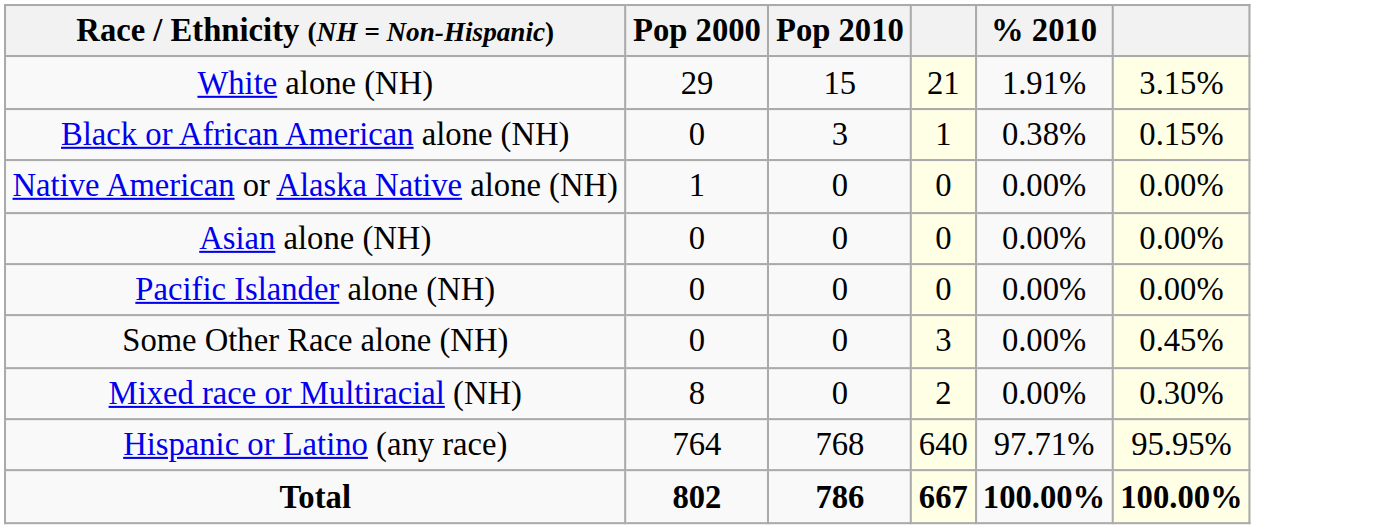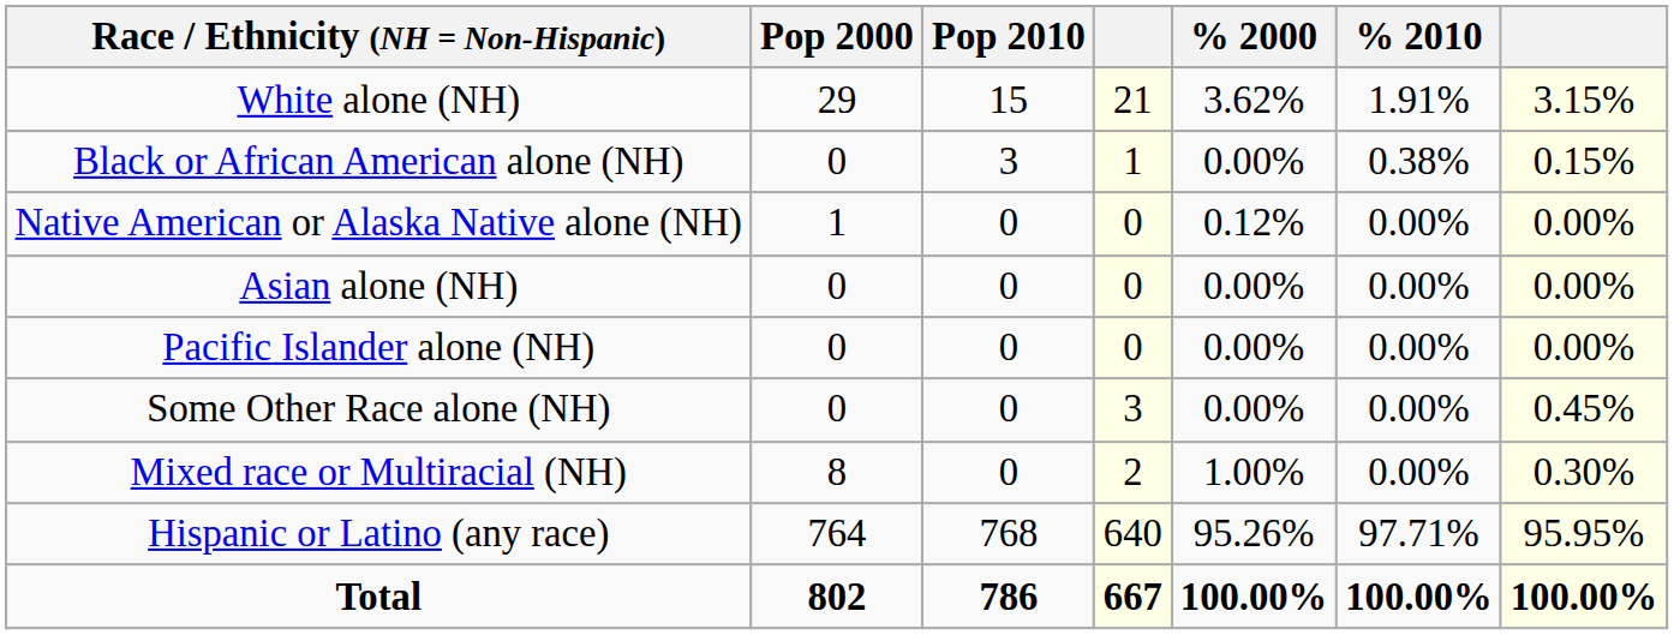 <table class="wikitable" style="text-align:center;">
 <tr>
 <th>Race / Ethnicity <small>(<em>NH = Non-Hispanic</em>)</small></th>
 <th>Pop 2000</th>
 <th>Pop 2010</th>
 <th></th>
+<th>% 2000</th>
 <th>% 2010</th>
 <th></th>
 </tr>
 <tr>
 <td><a href='#'>White</a> alone (NH)</td>
 <td>29</td>
 <td>15</td>
 <td style='background: #ffffe6;'>21</td>
+<td>3.62%</td>
 <td>1.91%</td>
 <td style='background: #ffffe6;'>3.15%</td>
 </tr>
 <tr>
 <td><a href='#'>Black or African American</a> alone (NH)</td>
 <td>0</td>
 <td>3</td>
 <td style='background: #ffffe6;'>1</td>
+<td>0.00%</td>
 <td>0.38%</td>
 <td style='background: #ffffe6;'>0.15%</td>
 </tr>
 <tr>
 <td><a href='#'>Native American</a> or <a href='#'>Alaska Native</a> alone (NH)</td>
 <td>1</td>
 <td>0</td>
 <td style='background: #ffffe6;'>0</td>
+<td>0.12%</td>
 <td>0.00%</td>
 <td style='background: #ffffe6;'>0.00%</td>
 </tr>
 <tr>
 <td><a href='#'>Asian</a> alone (NH)</td>
 <td>0</td>
 <td>0</td>
 <td style='background: #ffffe6;'>0</td>
 <td>0.00%</td>
+<td>0.00%</td>
 <td style='background: #ffffe6;'>0.00%</td>
 </tr>
 <tr>
 <td><a href='#'>Pacific Islander</a> alone (NH)</td>
 <td>0</td>
 <td>0</td>
 <td style='background: #ffffe6;'>0</td>
+<td>0.00%</td>
 <td>0.00%</td>
 <td style='background: #ffffe6;'>0.00%</td>
 </tr>
 <tr>
 <td>Some Other Race alone (NH)</td>
 <td>0</td>
 <td>0</td>
 <td style='background: #ffffe6;'>3</td>
 <td>0.00%</td>
+<td>0.00%</td>
 <td style='background: #ffffe6;'>0.45%</td>
 </tr>
 <tr>
 <td><a href='#'>Mixed race or Multiracial</a> (NH)</td>
 <td>8</td>
 <td>0</td>
 <td style='background: #ffffe6;'>2</td>
+<td>1.00%</td>
 <td>0.00%</td>
 <td style='background: #ffffe6;'>0.30%</td>
 </tr>
 <tr>
 <td><a href='#'>Hispanic or Latino</a> (any race)</td>
 <td>764</td>
 <td>768</td>
 <td style='background: #ffffe6;'>640</td>
+<td>95.26%</td>
 <td>97.71%</td>
 <td style='background: #ffffe6;'>95.95%</td>
 </tr>
 <tr>
 <td><strong>Total</strong></td>
 <td><strong>802</strong></td>
 <td><strong>786</strong></td>
 <td style='background: #ffffe6;'><strong>667</strong></td>
 <td><strong>100.00%</strong></td>
+<td><strong>100.00%</strong></td>
 <td style='background: #ffffe6;'><strong>100.00%</strong></td>
 </tr>
 </table>
